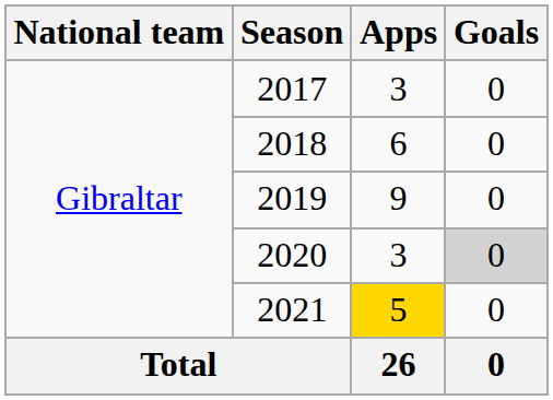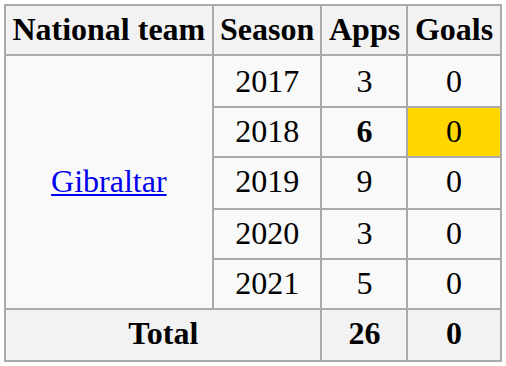 <table class="wikitable" style="text-align: center">
 <tr>
 <th>National team</th>
 <th>Season</th>
 <th>Apps</th>
 <th>Goals</th>
 </tr>
 <tr>
 <td rowspan="5"><a href='#'>Gibraltar</a></td>
 <td>2017</td>
 <td>3</td>
 <td>0</td>
 </tr>
 <tr>
 <td>2018</td>
-<td>6</td>
-<td>0</td>
+<td><strong>6</strong></td>
+<td style="background: gold;">0</td>
 </tr>
 <tr>
 <td>2019</td>
 <td>9</td>
 <td>0</td>
 </tr>
 <tr>
 <td>2020</td>
 <td>3</td>
-<td style="background: lightgrey;">0</td>
+<td>0</td>
 </tr>
 <tr>
 <td>2021</td>
-<td style="background: gold;">5</td>
+<td>5</td>
 <td>0</td>
 </tr>
 <tr>
 <th colspan="2">Total</th>
 <th>26</th>
 <th>0</th>
 </tr>
 </table>
